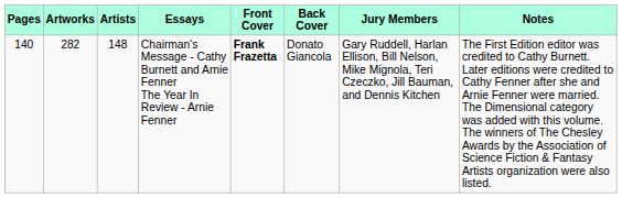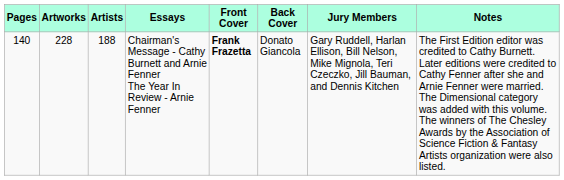 <table class="wikitable">
 <tr>
 <th style="background:#acffdf">Pages</th>
 <th style="background:#acffdf">Artworks</th>
 <th style="background:#acffdf">Artists</th>
 <th style="background:#acffdf">Essays</th>
 <th style="background:#acffdf">Front Cover</th>
 <th style="background:#acffdf">Back Cover</th>
 <th style="background:#acffdf">Jury Members</th>
 <th style="background:#acffdf">Notes</th>
 </tr>
 <tr valign="top">
 <td align="center">140</td>
-<td align="center">282</td>
-<td align="center">148</td>
+<td align="center">228</td>
+<td align="center">188</td>
 <td>Chairman's Message - Cathy Burnett and Arnie Fenner<br>The Year In Review - Arnie Fenner</td>
 <td><strong>Frank Frazetta</strong></td>
 <td>Donato Giancola</td>
 <td>Gary Ruddell, Harlan Ellison, Bill Nelson, Mike Mignola, Teri Czeczko, Jill Bauman, and Dennis Kitchen</td>
 <td>The First Edition editor was credited to Cathy Burnett. Later editions were credited to Cathy Fenner after she and Arnie Fenner were married.<br>The Dimensional category was added with this volume.<br>The winners of The Chesley Awards by the Association of Science Fiction & Fantasy Artists organization were also listed.</td>
 </tr>
 </table>
